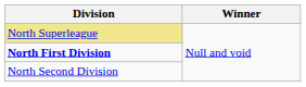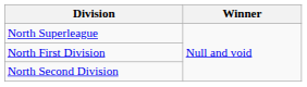 <table class="wikitable">
 <tr>
 <th width=230>Division</th>
 <th width=150>Winner</th>
 </tr>
 <tr>
-<td style="background: khaki;"><a href='#'>North Superleague</a></td>
+<td><a href='#'>North Superleague</a></td>
 <td rowspan=3><a href='#'>Null and void</a></td>
 </tr>
 <tr>
-<td><strong><a href='#'>North First Division</a></strong></td>
+<td><a href='#'>North First Division</a></td>
 </tr>
 <tr>
 <td><a href='#'>North Second Division</a></td>
 </tr>
 </table>
